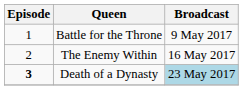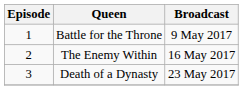 <table class="wikitable">
 <tr>
 <th>Episode</th>
 <th>Queen</th>
 <th>Broadcast</th>
 </tr>
 <tr align="center">
 <td>1</td>
 <td>Battle for the Throne</td>
 <td>9 May 2017</td>
 </tr>
 <tr align="center">
 <td>2</td>
 <td>The Enemy Within</td>
 <td>16 May 2017</td>
 </tr>
 <tr align="center">
-<td><strong>3</strong></td>
+<td>3</td>
 <td>Death of a Dynasty</td>
-<td style="background: lightblue;">23 May 2017</td>
+<td>23 May 2017</td>
 </tr>
 <tr align="center">
 </tr>
 </table>
